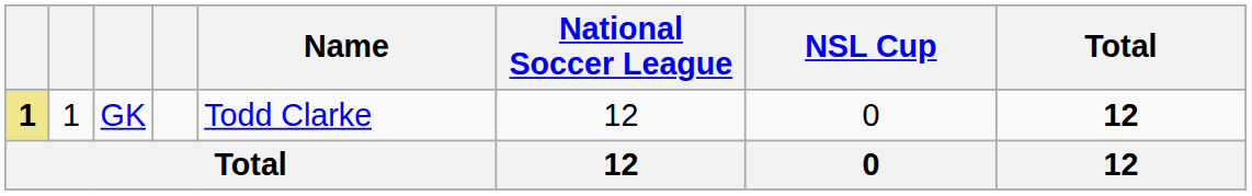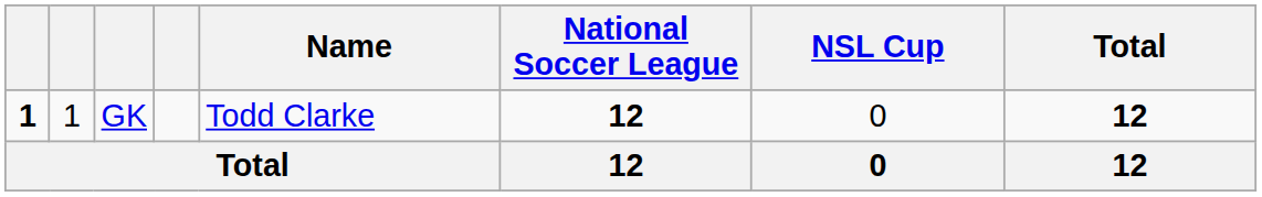 <table class="wikitable" style="text-align:center">
 <tr>
 <th width=15></th>
 <th width=15></th>
 <th width=15></th>
 <th width=15></th>
 <th width=145>Name</th>
 <th width=120><a href='#'>National Soccer League</a></th>
 <th width=120><a href='#'>NSL Cup</a></th>
 <th width=120>Total</th>
 </tr>
 <tr>
-<td style="background: khaki;"><strong>1</strong></td>
+<td><strong>1</strong></td>
 <td>1</td>
 <td><a href='#'>GK</a></td>
 <td></td>
 <td align=left><a href='#'>Todd Clarke</a></td>
-<td>12</td>
+<td><strong>12</strong></td>
 <td>0</td>
 <td><strong>12</strong></td>
 </tr>
 <tr>
 <th colspan="5"><strong>Total</strong></th>
 <th>12</th>
 <th>0</th>
 <th>12</th>
 </tr>
 </table>
